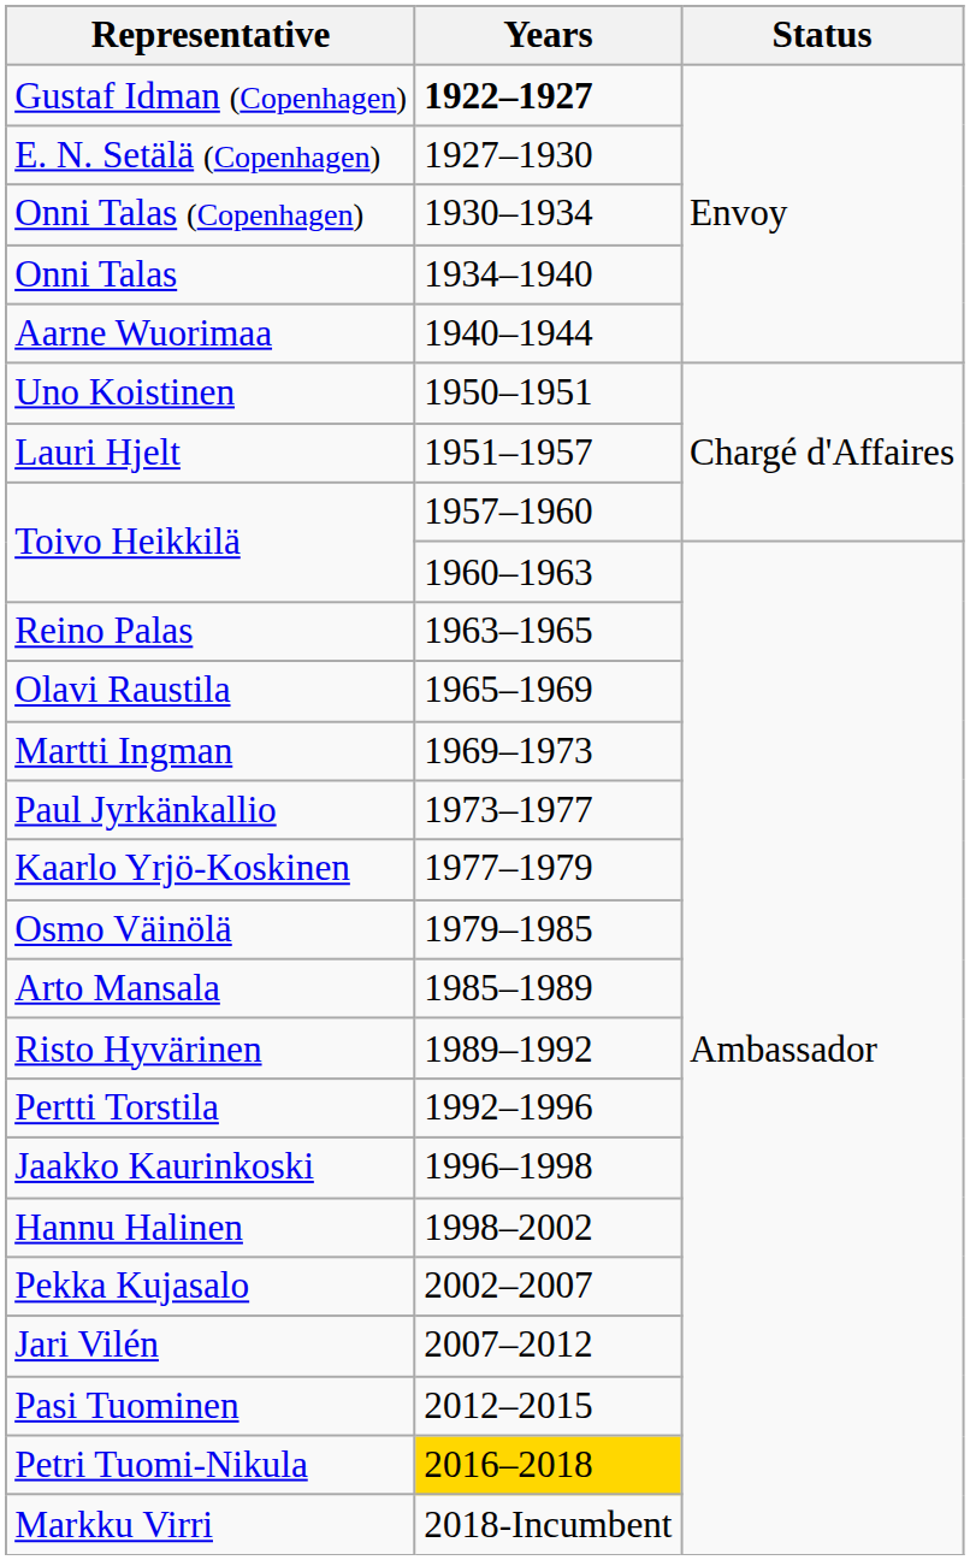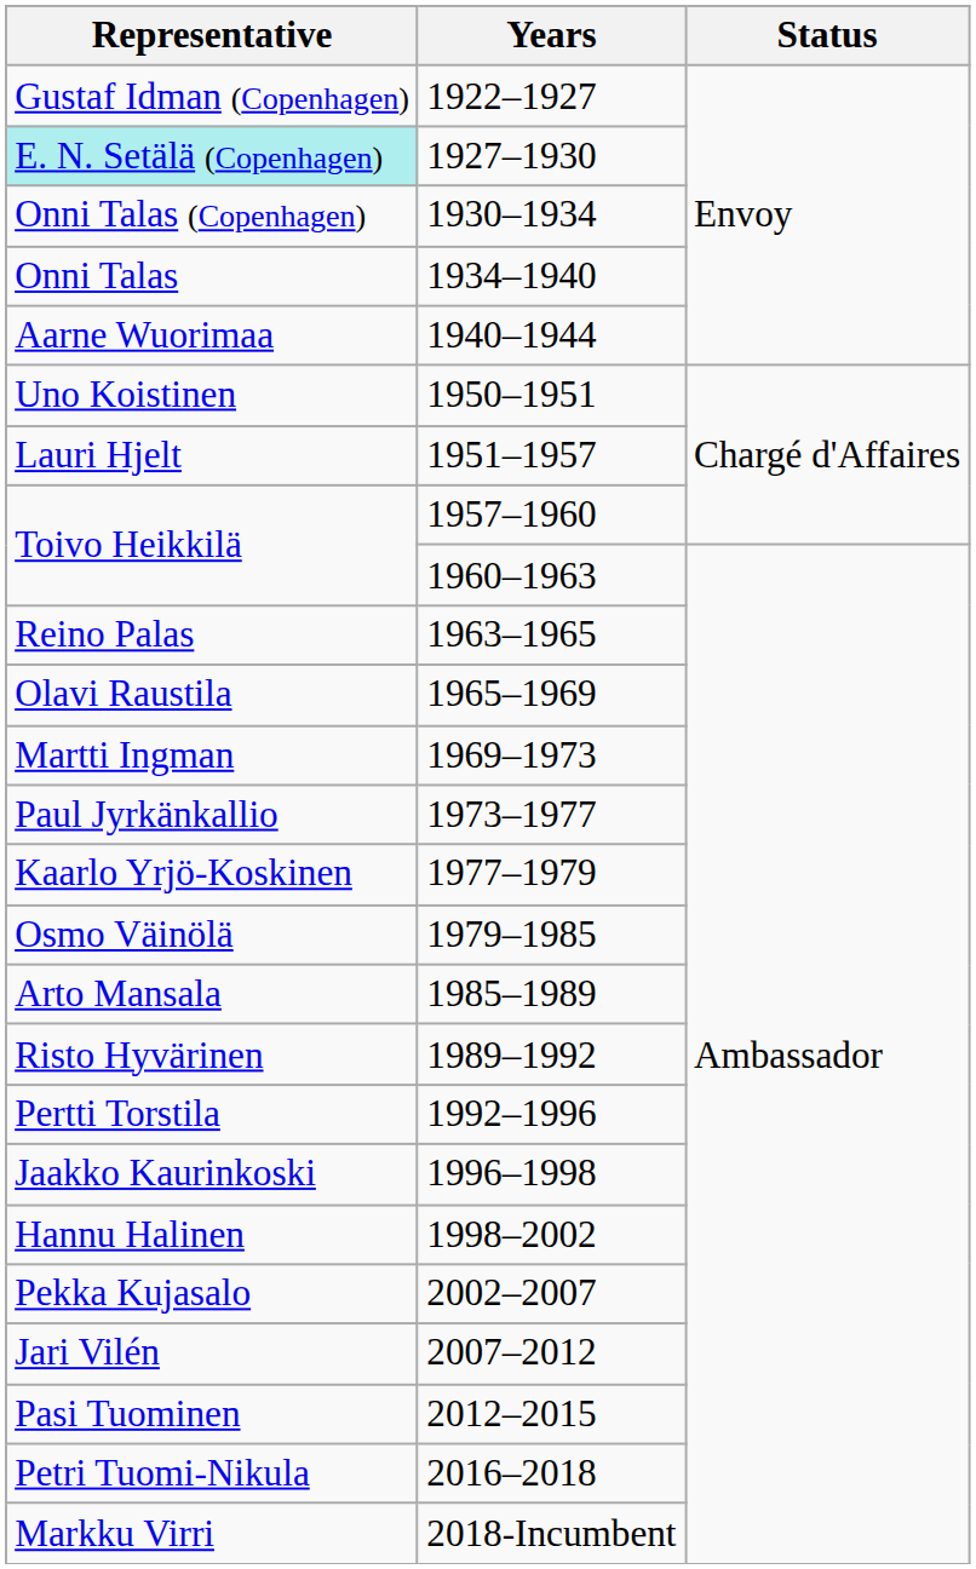 <table class="wikitable sortable">
 <tr>
 <th>Representative</th>
 <th>Years</th>
 <th>Status</th>
 </tr>
 <tr>
 <td><a href='#'>Gustaf Idman</a> <small>(<a href='#'>Copenhagen</a>)</small></td>
-<td><strong>1922–1927</strong></td>
+<td>1922–1927</td>
 <td rowspan="5">Envoy</td>
 </tr>
 <tr>
-<td><a href='#'>E. N. Setälä</a> <small>(<a href='#'>Copenhagen</a>)</small></td>
+<td style="background: paleturquoise;"><a href='#'>E. N. Setälä</a> <small>(<a href='#'>Copenhagen</a>)</small></td>
 <td>1927–1930</td>
 </tr>
 <tr>
 <td><a href='#'>Onni Talas</a> <small>(<a href='#'>Copenhagen</a>)</small></td>
 <td>1930–1934</td>
 </tr>
 <tr>
 <td><a href='#'>Onni Talas</a></td>
 <td>1934–1940</td>
 </tr>
 <tr>
 <td><a href='#'>Aarne Wuorimaa</a></td>
 <td>1940–1944</td>
 </tr>
 <tr>
 <td><a href='#'>Uno Koistinen</a></td>
 <td>1950–1951</td>
 <td rowspan="3">Chargé d'Affaires</td>
 </tr>
 <tr>
 <td><a href='#'>Lauri Hjelt</a></td>
 <td>1951–1957</td>
 </tr>
 <tr>
 <td rowspan="2"><a href='#'>Toivo Heikkilä</a></td>
 <td>1957–1960</td>
 </tr>
 <tr>
 <td>1960–1963</td>
 <td rowspan="17">Ambassador</td>
 </tr>
 <tr>
 <td><a href='#'>Reino Palas</a></td>
 <td>1963–1965</td>
 </tr>
 <tr>
 <td><a href='#'>Olavi Raustila</a></td>
 <td>1965–1969</td>
 </tr>
 <tr>
 <td><a href='#'>Martti Ingman</a></td>
 <td>1969–1973</td>
 </tr>
 <tr>
 <td><a href='#'>Paul Jyrkänkallio</a></td>
 <td>1973–1977</td>
 </tr>
 <tr>
 <td><a href='#'>Kaarlo Yrjö-Koskinen</a></td>
 <td>1977–1979</td>
 </tr>
 <tr>
 <td><a href='#'>Osmo Väinölä</a></td>
 <td>1979–1985</td>
 </tr>
 <tr>
 <td><a href='#'>Arto Mansala</a></td>
 <td>1985–1989</td>
 </tr>
 <tr>
 <td><a href='#'>Risto Hyvärinen</a></td>
 <td>1989–1992</td>
 </tr>
 <tr>
 <td><a href='#'>Pertti Torstila</a></td>
 <td>1992–1996</td>
 </tr>
 <tr>
 <td><a href='#'>Jaakko Kaurinkoski</a></td>
 <td>1996–1998</td>
 </tr>
 <tr>
 <td><a href='#'>Hannu Halinen</a></td>
 <td>1998–2002</td>
 </tr>
 <tr>
 <td><a href='#'>Pekka Kujasalo</a></td>
 <td>2002–2007</td>
 </tr>
 <tr>
 <td><a href='#'>Jari Vilén</a></td>
 <td>2007–2012</td>
 </tr>
 <tr>
 <td><a href='#'>Pasi Tuominen</a></td>
 <td>2012–2015</td>
 </tr>
 <tr>
 <td><a href='#'>Petri Tuomi-Nikula</a></td>
-<td style="background: gold;">2016–2018</td>
+<td>2016–2018</td>
 </tr>
 <tr>
 <td><a href='#'>Markku Virri</a></td>
 <td>2018-Incumbent</td>
 </tr>
 </table>
